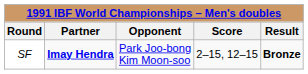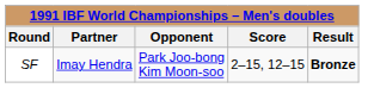 <table style='font-size: 90%; text-align: center;' class='wikitable'>
 <tr>
 <th colspan=5 style="background:#CC9966;"><a href='#'>1991 IBF World Championships – Men's doubles</a></th>
 </tr>
 <tr>
 <th>Round</th>
 <th>Partner</th>
 <th>Opponent</th>
 <th>Score</th>
 <th>Result</th>
 </tr>
 <tr>
 <td style="text-align:center; background:white"><em>SF</em></td>
-<td align="left"><strong> <a href='#'>Imay Hendra</a></strong></td>
+<td align="left"> <a href='#'>Imay Hendra</a></td>
 <td align="left"> <a href='#'>Park Joo-bong</a><br> <a href='#'>Kim Moon-soo</a></td>
 <td align="left">2–15, 12–15</td>
 <td align="center"> <strong>Bronze</strong></td>
 </tr>
 </table>
